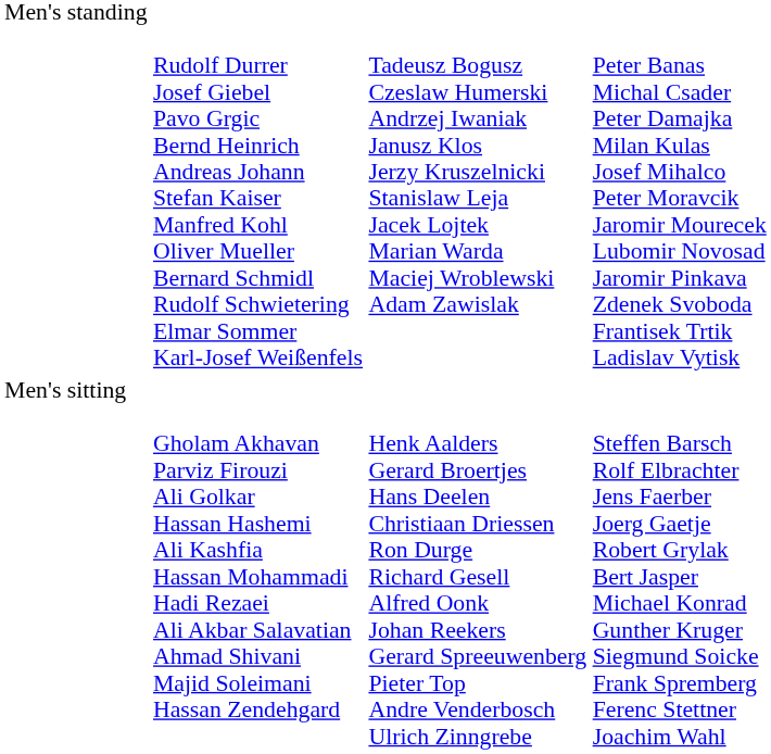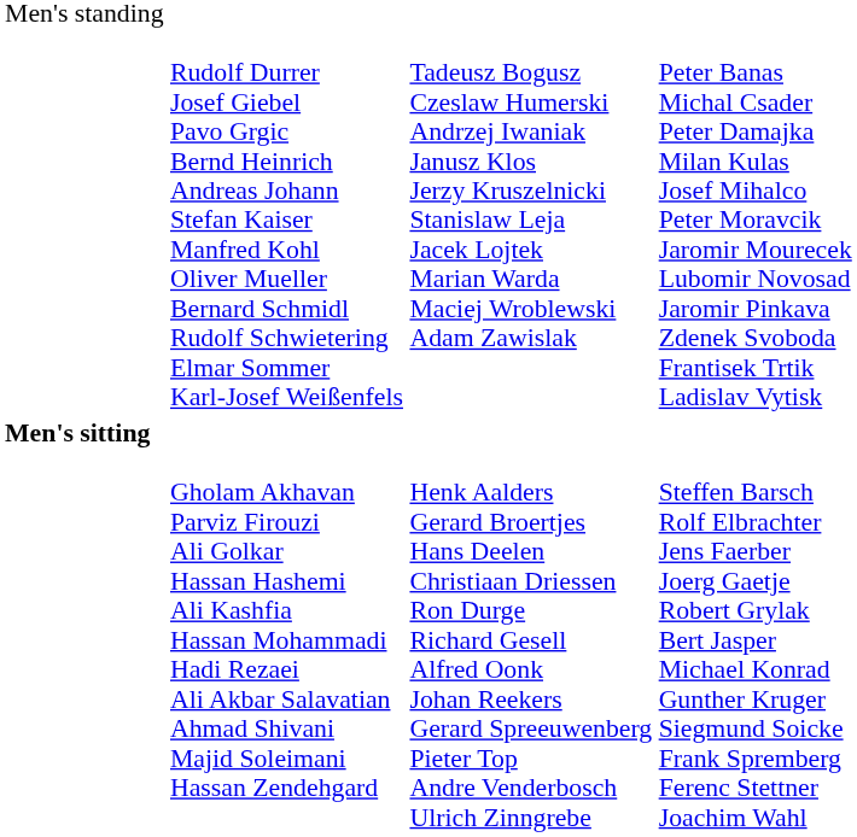 <table>
 <tr class="nowrap" style="vertical-align:top;">
 <td>Men's standing<br></td>
 <td valign=top> <br><br><a href='#'>Rudolf Durrer</a> <br> <a href='#'>Josef Giebel</a> <br> <a href='#'>Pavo Grgic</a> <br> <a href='#'>Bernd Heinrich</a> <br> <a href='#'>Andreas Johann</a> <br> <a href='#'>Stefan Kaiser</a> <br> <a href='#'>Manfred Kohl</a> <br> <a href='#'>Oliver Mueller</a> <br> <a href='#'>Bernard Schmidl</a> <br> <a href='#'>Rudolf Schwietering</a> <br> <a href='#'>Elmar Sommer</a> <br> <a href='#'>Karl-Josef Weißenfels</a></td>
 <td valign=top> <br><br><a href='#'>Tadeusz Bogusz</a> <br> <a href='#'>Czeslaw Humerski</a> <br> <a href='#'>Andrzej Iwaniak</a> <br> <a href='#'>Janusz Klos</a> <br> <a href='#'>Jerzy Kruszelnicki</a> <br> <a href='#'>Stanislaw Leja</a> <br> <a href='#'>Jacek Lojtek</a> <br> <a href='#'>Marian Warda</a> <br> <a href='#'>Maciej Wroblewski</a> <br> <a href='#'>Adam Zawislak</a></td>
 <td valign=top> <br><br><a href='#'>Peter Banas</a> <br> <a href='#'>Michal Csader</a> <br> <a href='#'>Peter Damajka</a> <br> <a href='#'>Milan Kulas</a> <br> <a href='#'>Josef Mihalco</a> <br> <a href='#'>Peter Moravcik</a> <br> <a href='#'>Jaromir Mourecek</a> <br> <a href='#'>Lubomir Novosad</a> <br> <a href='#'>Jaromir Pinkava</a> <br> <a href='#'>Zdenek Svoboda</a> <br> <a href='#'>Frantisek Trtik</a> <br> <a href='#'>Ladislav Vytisk</a></td>
 </tr>
 <tr class="nowrap" style="vertical-align:top;">
-<td>Men's sitting<br></td>
+<td><strong>Men's sitting<br></strong></td>
 <td valign=top> <br><br><a href='#'>Gholam Akhavan</a> <br> <a href='#'>Parviz Firouzi</a> <br> <a href='#'>Ali Golkar</a> <br> <a href='#'>Hassan Hashemi</a> <br> <a href='#'>Ali Kashfia</a> <br> <a href='#'>Hassan Mohammadi</a> <br> <a href='#'>Hadi Rezaei</a> <br> <a href='#'>Ali Akbar Salavatian</a> <br> <a href='#'>Ahmad Shivani</a> <br> <a href='#'>Majid Soleimani</a> <br> <a href='#'>Hassan Zendehgard</a></td>
 <td valign=top> <br><br><a href='#'>Henk Aalders</a> <br> <a href='#'>Gerard Broertjes</a> <br> <a href='#'>Hans Deelen</a> <br> <a href='#'>Christiaan Driessen</a> <br> <a href='#'>Ron Durge</a> <br> <a href='#'>Richard Gesell</a> <br> <a href='#'>Alfred Oonk</a> <br> <a href='#'>Johan Reekers</a> <br> <a href='#'>Gerard Spreeuwenberg</a> <br> <a href='#'>Pieter Top</a> <br> <a href='#'>Andre Venderbosch</a> <br> <a href='#'>Ulrich Zinngrebe</a></td>
 <td valign=top> <br><br><a href='#'>Steffen Barsch</a> <br> <a href='#'>Rolf Elbrachter</a> <br> <a href='#'>Jens Faerber</a> <br> <a href='#'>Joerg Gaetje</a> <br> <a href='#'>Robert Grylak</a> <br> <a href='#'>Bert Jasper</a> <br> <a href='#'>Michael Konrad</a> <br> <a href='#'>Gunther Kruger</a> <br> <a href='#'>Siegmund Soicke</a> <br> <a href='#'>Frank Spremberg</a> <br> <a href='#'>Ferenc Stettner</a> <br> <a href='#'>Joachim Wahl</a></td>
 </tr>
 </table>
